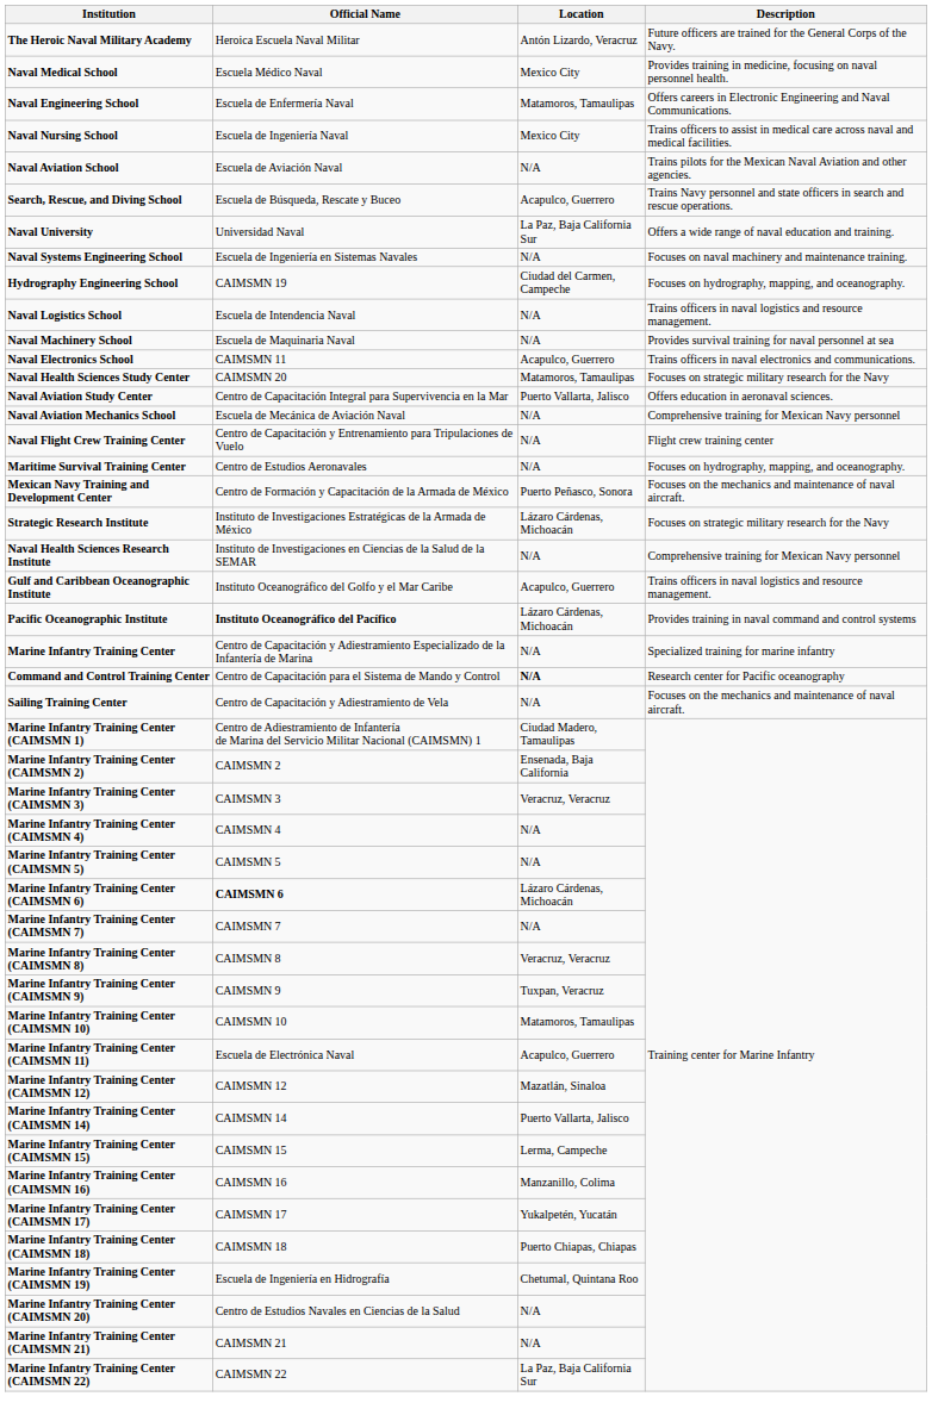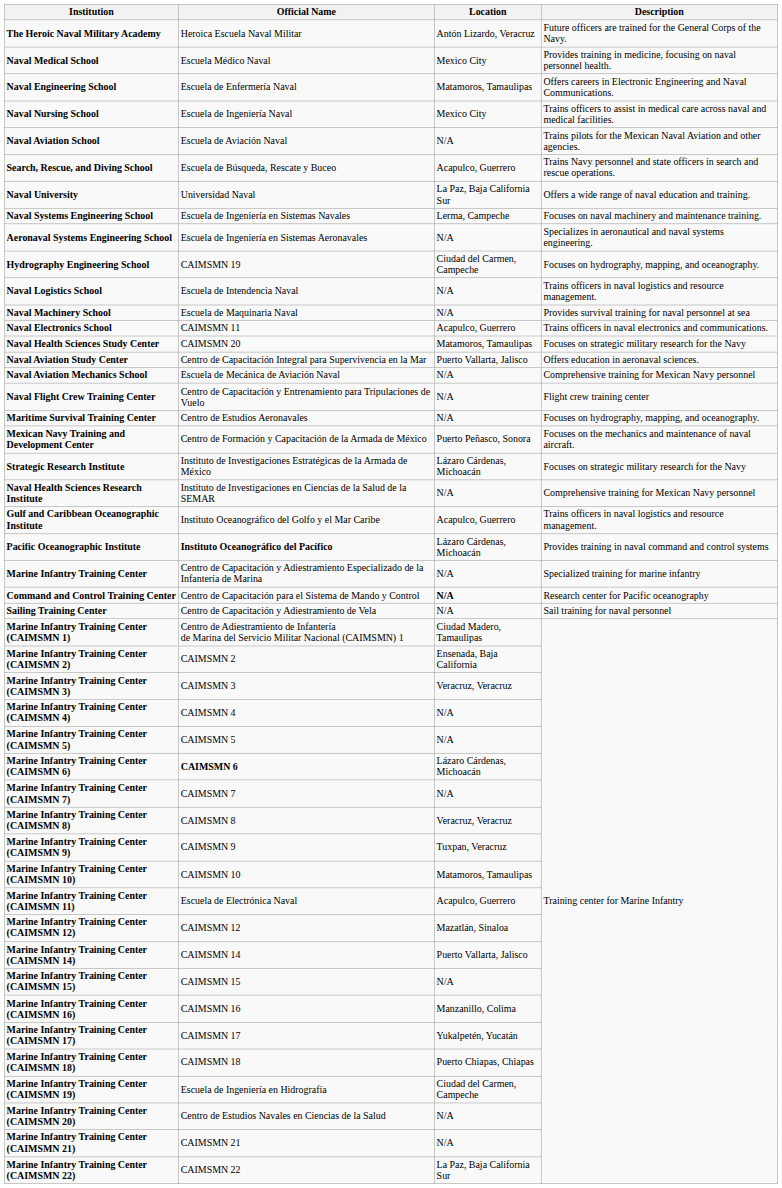 <table class="wikitable sortable" align="center">
 <tr>
 <th>Institution</th>
 <th>Official Name</th>
 <th>Location</th>
 <th>Description</th>
 </tr>
 <tr>
 <td><strong>The Heroic Naval Military Academy</strong></td>
 <td>Heroica Escuela Naval Militar</td>
 <td>Antón Lizardo, Veracruz</td>
 <td>Future officers are trained for the General Corps of the Navy.</td>
 </tr>
 <tr>
 <td><strong>Naval Medical School</strong></td>
 <td>Escuela Médico Naval</td>
 <td>Mexico City</td>
 <td>Provides training in medicine, focusing on naval personnel health.</td>
 </tr>
 <tr>
 <td><strong>Naval Engineering School</strong></td>
 <td>Escuela de Enfermería Naval</td>
 <td>Matamoros, Tamaulipas</td>
 <td>Offers careers in Electronic Engineering and Naval Communications.</td>
 </tr>
 <tr>
 <td><strong>Naval Nursing School</strong></td>
 <td>Escuela de Ingeniería Naval</td>
 <td>Mexico City</td>
 <td>Trains officers to assist in medical care across naval and medical facilities.</td>
 </tr>
 <tr>
 <td><strong>Naval Aviation School</strong></td>
 <td>Escuela de Aviación Naval</td>
 <td>N/A</td>
 <td>Trains pilots for the Mexican Naval Aviation and other agencies.</td>
 </tr>
 <tr>
 <td><strong>Search, Rescue, and Diving School</strong></td>
 <td>Escuela de Búsqueda, Rescate y Buceo</td>
 <td>Acapulco, Guerrero</td>
 <td>Trains Navy personnel and state officers in search and rescue operations.</td>
 </tr>
 <tr>
 <td><strong>Naval University</strong></td>
 <td>Universidad Naval</td>
 <td>La Paz, Baja California Sur</td>
 <td>Offers a wide range of naval education and training.</td>
 </tr>
 <tr>
 <td><strong>Naval Systems Engineering School</strong></td>
 <td>Escuela de Ingeniería en Sistemas Navales</td>
+<td>Lerma, Campeche</td>
+<td>Focuses on naval machinery and maintenance training.</td>
+</tr>
+<tr>
+<td><strong>Aeronaval Systems Engineering School</strong></td>
+<td>Escuela de Ingeniería en Sistemas Aeronavales</td>
 <td>N/A</td>
-<td>Focuses on naval machinery and maintenance training.</td>
+<td>Specializes in aeronautical and naval systems engineering.</td>
 </tr>
 <tr>
 <td><strong>Hydrography Engineering School</strong></td>
 <td>CAIMSMN 19</td>
 <td>Ciudad del Carmen, Campeche</td>
 <td>Focuses on hydrography, mapping, and oceanography.</td>
 </tr>
 <tr>
 <td><strong>Naval Logistics School</strong></td>
 <td>Escuela de Intendencia Naval</td>
 <td>N/A</td>
 <td>Trains officers in naval logistics and resource management.</td>
 </tr>
 <tr>
 <td><strong>Naval Machinery School</strong></td>
 <td>Escuela de Maquinaria Naval</td>
 <td>N/A</td>
 <td>Provides survival training for naval personnel at sea</td>
 </tr>
 <tr>
 <td><strong>Naval Electronics School</strong></td>
 <td>CAIMSMN 11</td>
 <td>Acapulco, Guerrero</td>
 <td>Trains officers in naval electronics and communications.</td>
 </tr>
 <tr>
 <td><strong>Naval Health Sciences Study Center</strong></td>
 <td>CAIMSMN 20</td>
 <td>Matamoros, Tamaulipas</td>
 <td>Focuses on strategic military research for the Navy</td>
 </tr>
 <tr>
 <td><strong>Naval Aviation Study Center</strong></td>
 <td>Centro de Capacitación Integral para Supervivencia en la Mar</td>
 <td>Puerto Vallarta, Jalisco</td>
 <td>Offers education in aeronaval sciences.</td>
 </tr>
 <tr>
 <td><strong>Naval Aviation Mechanics School</strong></td>
 <td>Escuela de Mecánica de Aviación Naval</td>
 <td>N/A</td>
 <td>Comprehensive training for Mexican Navy personnel</td>
 </tr>
 <tr>
 <td><strong>Naval Flight Crew Training Center</strong></td>
 <td>Centro de Capacitación y Entrenamiento para Tripulaciones de Vuelo</td>
 <td>N/A</td>
 <td>Flight crew training center</td>
 </tr>
 <tr>
 <td><strong>Maritime Survival Training Center</strong></td>
 <td>Centro de Estudios Aeronavales</td>
 <td>N/A</td>
 <td>Focuses on hydrography, mapping, and oceanography.</td>
 </tr>
 <tr>
 <td><strong>Mexican Navy Training and Development Center</strong></td>
 <td>Centro de Formación y Capacitación de la Armada de México</td>
 <td>Puerto Peñasco, Sonora</td>
 <td>Focuses on the mechanics and maintenance of naval aircraft.</td>
 </tr>
 <tr>
 <td><strong>Strategic Research Institute</strong></td>
 <td>Instituto de Investigaciones Estratégicas de la Armada de México</td>
 <td>Lázaro Cárdenas, Michoacán</td>
 <td>Focuses on strategic military research for the Navy</td>
 </tr>
 <tr>
 <td><strong>Naval Health Sciences Research Institute</strong></td>
 <td>Instituto de Investigaciones en Ciencias de la Salud de la SEMAR</td>
 <td>N/A</td>
 <td>Comprehensive training for Mexican Navy personnel</td>
 </tr>
 <tr>
 <td><strong>Gulf and Caribbean Oceanographic Institute</strong></td>
 <td>Instituto Oceanográfico del Golfo y el Mar Caribe</td>
 <td>Acapulco, Guerrero</td>
 <td>Trains officers in naval logistics and resource management.</td>
 </tr>
 <tr>
 <td><strong>Pacific Oceanographic Institute</strong></td>
 <td><strong>Instituto Oceanográfico del Pacífico</strong></td>
 <td>Lázaro Cárdenas, Michoacán</td>
 <td>Provides training in naval command and control systems</td>
 </tr>
 <tr>
 <td><strong>Marine Infantry Training Center</strong></td>
 <td>Centro de Capacitación y Adiestramiento Especializado de la Infantería de Marina</td>
 <td>N/A</td>
 <td>Specialized training for marine infantry</td>
 </tr>
 <tr>
 <td><strong>Command and Control Training Center</strong></td>
 <td>Centro de Capacitación para el Sistema de Mando y Control</td>
 <td><strong>N/A</strong></td>
 <td>Research center for Pacific oceanography</td>
 </tr>
 <tr>
 <td><strong>Sailing Training Center</strong></td>
 <td>Centro de Capacitación y Adiestramiento de Vela</td>
 <td>N/A</td>
-<td>Focuses on the mechanics and maintenance of naval aircraft.</td>
+<td>Sail training for naval personnel</td>
 </tr>
 <tr>
 <td><strong>Marine Infantry Training Center (CAIMSMN 1)</strong></td>
 <td>Centro de Adiestramiento de Infantería<br>de Marina del Servicio Militar Nacional  (CAIMSMN) 1</td>
 <td>Ciudad Madero, Tamaulipas</td>
 <td rowspan="21">Training center for Marine Infantry</td>
 </tr>
 <tr>
 <td><strong>Marine Infantry Training Center (CAIMSMN 2)</strong></td>
 <td>CAIMSMN 2</td>
 <td>Ensenada, Baja California</td>
 </tr>
 <tr>
 <td><strong>Marine Infantry Training Center (CAIMSMN 3)</strong></td>
 <td>CAIMSMN 3</td>
 <td>Veracruz, Veracruz</td>
 </tr>
 <tr>
 <td><strong>Marine Infantry Training Center (CAIMSMN 4)</strong></td>
 <td>CAIMSMN 4</td>
 <td>N/A</td>
 </tr>
 <tr>
 <td><strong>Marine Infantry Training Center (CAIMSMN 5)</strong></td>
 <td>CAIMSMN 5</td>
 <td>N/A</td>
 </tr>
 <tr>
 <td><strong>Marine Infantry Training Center (CAIMSMN 6)</strong></td>
 <td><strong>CAIMSMN 6</strong></td>
 <td>Lázaro Cárdenas, Michoacán</td>
 </tr>
 <tr>
 <td><strong>Marine Infantry Training Center (CAIMSMN 7)</strong></td>
 <td>CAIMSMN 7</td>
 <td>N/A</td>
 </tr>
 <tr>
 <td><strong>Marine Infantry Training Center (CAIMSMN 8)</strong></td>
 <td>CAIMSMN 8</td>
 <td>Veracruz, Veracruz</td>
 </tr>
 <tr>
 <td><strong>Marine Infantry Training Center (CAIMSMN 9)</strong></td>
 <td>CAIMSMN 9</td>
 <td>Tuxpan, Veracruz</td>
 </tr>
 <tr>
 <td><strong>Marine Infantry Training Center (CAIMSMN 10)</strong></td>
 <td>CAIMSMN 10</td>
 <td>Matamoros, Tamaulipas</td>
 </tr>
 <tr>
 <td><strong>Marine Infantry Training Center (CAIMSMN 11)</strong></td>
 <td>Escuela de Electrónica Naval</td>
 <td>Acapulco, Guerrero</td>
 </tr>
 <tr>
 <td><strong>Marine Infantry Training Center (CAIMSMN 12)</strong></td>
 <td>CAIMSMN 12</td>
 <td>Mazatlán, Sinaloa</td>
 </tr>
 <tr>
 <td><strong>Marine Infantry Training Center (CAIMSMN 14)</strong></td>
 <td>CAIMSMN 14</td>
 <td>Puerto Vallarta, Jalisco</td>
 </tr>
 <tr>
 <td><strong>Marine Infantry Training Center (CAIMSMN 15)</strong></td>
 <td>CAIMSMN 15</td>
-<td>Lerma, Campeche</td>
+<td>N/A</td>
 </tr>
 <tr>
 <td><strong>Marine Infantry Training Center (CAIMSMN 16)</strong></td>
 <td>CAIMSMN 16</td>
 <td>Manzanillo, Colima</td>
 </tr>
 <tr>
 <td><strong>Marine Infantry Training Center (CAIMSMN 17)</strong></td>
 <td>CAIMSMN 17</td>
 <td>Yukalpetén, Yucatán</td>
 </tr>
 <tr>
 <td><strong>Marine Infantry Training Center (CAIMSMN 18)</strong></td>
 <td>CAIMSMN 18</td>
 <td>Puerto Chiapas, Chiapas</td>
 </tr>
 <tr>
 <td><strong>Marine Infantry Training Center (CAIMSMN 19)</strong></td>
 <td>Escuela de Ingeniería en Hidrografía</td>
-<td>Chetumal, Quintana Roo</td>
+<td>Ciudad del Carmen, Campeche</td>
 </tr>
 <tr>
 <td><strong>Marine Infantry Training Center (CAIMSMN 20)</strong></td>
 <td>Centro de Estudios Navales en Ciencias de la Salud</td>
 <td>N/A</td>
 </tr>
 <tr>
 <td><strong>Marine Infantry Training Center (CAIMSMN 21)</strong></td>
 <td>CAIMSMN 21</td>
 <td>N/A</td>
 </tr>
 <tr>
 <td><strong>Marine Infantry Training Center (CAIMSMN 22)</strong></td>
 <td>CAIMSMN 22</td>
 <td>La Paz, Baja California Sur</td>
 </tr>
 </table>
